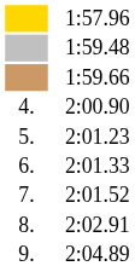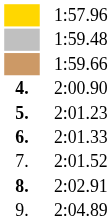 <table style="text-align:center">
 <tr>
 <td width=30 bgcolor=gold></td>
 <td align=left></td>
 <td width=60>1:57.96</td>
 </tr>
 <tr>
 <td bgcolor=silver></td>
 <td align=left></td>
 <td>1:59.48</td>
 </tr>
 <tr>
 <td bgcolor=cc9966></td>
 <td align=left></td>
 <td>1:59.66</td>
 </tr>
 <tr>
-<td>4.</td>
+<td><strong>4.</strong></td>
 <td align=left></td>
 <td>2:00.90</td>
 </tr>
 <tr>
-<td>5.</td>
+<td><strong>5.</strong></td>
 <td align=left></td>
 <td>2:01.23</td>
 </tr>
 <tr>
-<td>6.</td>
+<td><strong>6.</strong></td>
 <td align=left></td>
 <td>2:01.33</td>
 </tr>
 <tr>
 <td>7.</td>
 <td align=left></td>
 <td>2:01.52</td>
 </tr>
 <tr>
-<td>8.</td>
+<td><strong>8.</strong></td>
 <td align=left></td>
 <td>2:02.91</td>
 </tr>
 <tr>
 <td>9.</td>
 <td align=left></td>
 <td>2:04.89</td>
 </tr>
 </table>
